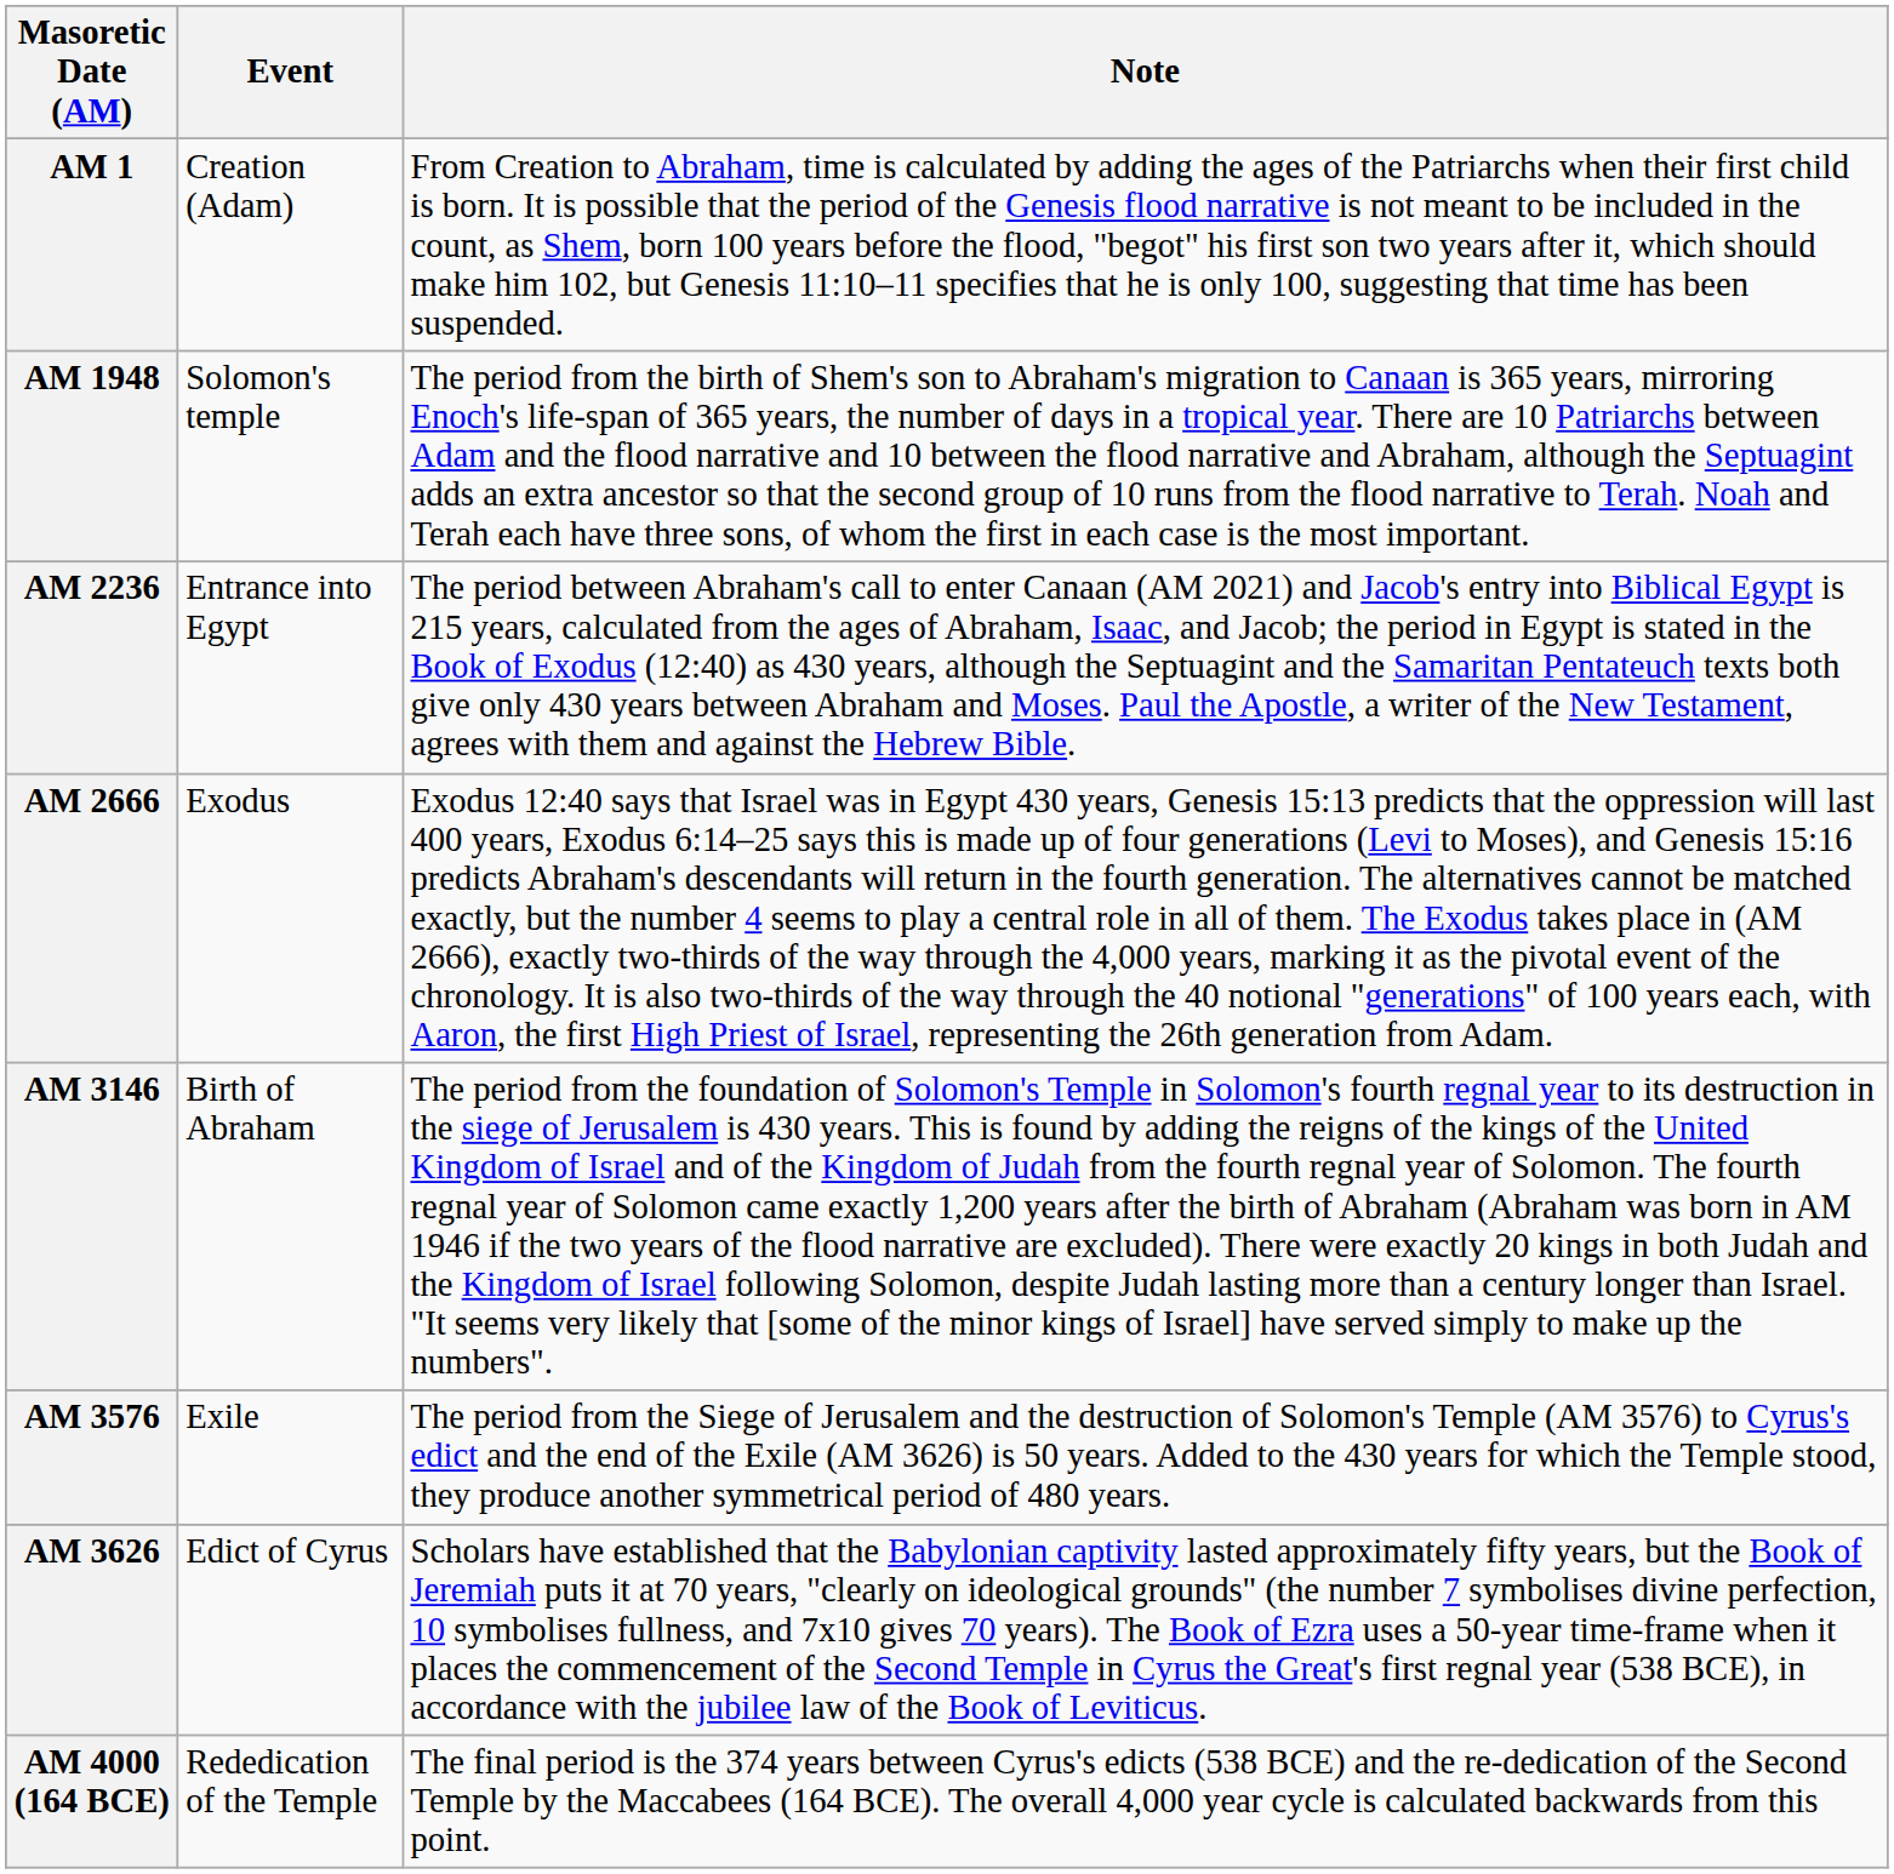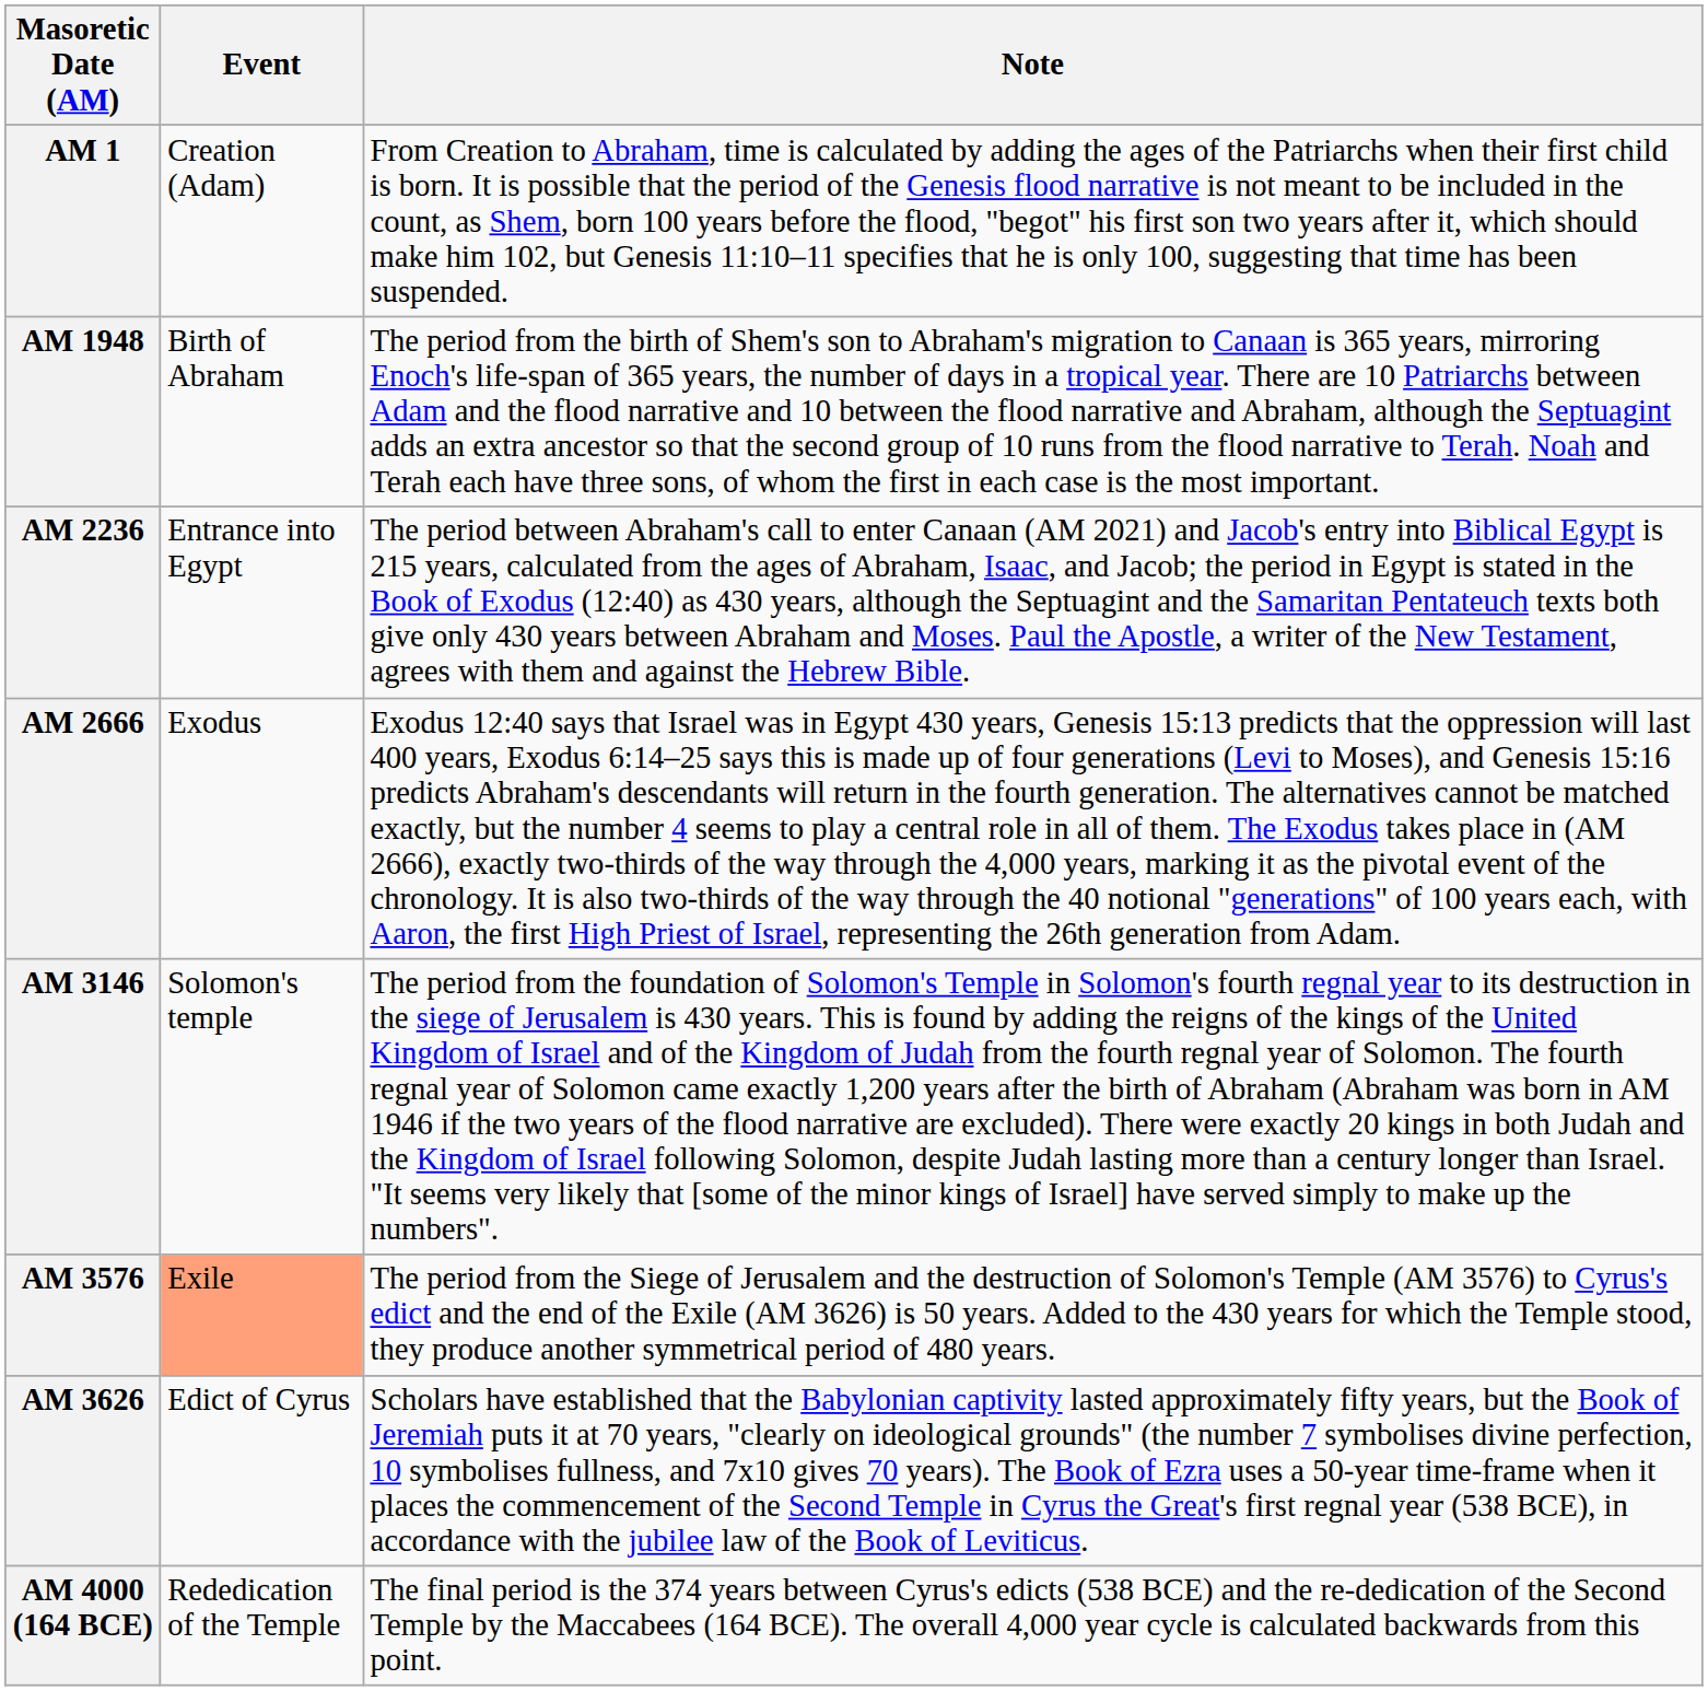 <table class="wikitable" style="align: center;">
 <tr>
 <th scope="col">Masoretic<br>Date (<a href='#'>AM</a>)</th>
 <th scope="col">Event<br></th>
 <th scope="col">Note</th>
 </tr>
 <tr style="text-align:left; vertical-align:top;">
 <th scope="row">AM 1</th>
 <td>Creation (Adam)</td>
 <td>From Creation to <a href='#'>Abraham</a>, time is calculated by adding the ages of the Patriarchs when their first child is born. It is possible that the period of the <a href='#'>Genesis flood narrative</a> is not meant to be included in the count, as <a href='#'>Shem</a>, born 100 years before the flood, "begot" his first son two years after it, which should make him 102, but Genesis 11:10–11 specifies that he is only 100, suggesting that time has been suspended.</td>
 </tr>
 <tr style="vertical-align:top;">
 <th scope="row">AM 1948</th>
-<td style="text-align:left;">Solomon's temple</td>
+<td style="text-align:left;">Birth of Abraham</td>
 <td style="text-align:left;">The period from the birth of Shem's son to Abraham's migration to <a href='#'>Canaan</a> is 365 years, mirroring <a href='#'>Enoch</a>'s life-span of 365 years, the number of days in a <a href='#'>tropical year</a>. There are 10 <a href='#'>Patriarchs</a> between <a href='#'>Adam</a> and the flood narrative and 10 between the flood narrative and Abraham, although the <a href='#'>Septuagint</a> adds an extra ancestor so that the second group of 10 runs from the flood narrative to <a href='#'>Terah</a>. <a href='#'>Noah</a> and Terah each have three sons, of whom the first in each case is the most important.</td>
 </tr>
 <tr style="vertical-align:top;">
 <th scope="row">AM 2236</th>
 <td style="text-align:left;">Entrance into Egypt</td>
 <td style="text-align:left;">The period between Abraham's call to enter Canaan (AM 2021) and <a href='#'>Jacob</a>'s entry into <a href='#'>Biblical Egypt</a> is 215 years, calculated from the ages of Abraham, <a href='#'>Isaac</a>, and Jacob; the period in Egypt is stated in the <a href='#'>Book of Exodus</a> (12:40) as 430 years, although the Septuagint and the <a href='#'>Samaritan Pentateuch</a> texts both give only 430 years between Abraham and <a href='#'>Moses</a>. <a href='#'>Paul the Apostle</a>, a writer of the <a href='#'>New Testament</a>, agrees with them and against the <a href='#'>Hebrew Bible</a>.</td>
 </tr>
 <tr style="vertical-align:top;">
 <th scope="row">AM 2666</th>
 <td style="text-align:left;">Exodus</td>
 <td>Exodus 12:40 says that Israel was in Egypt 430 years, Genesis 15:13 predicts that the oppression will last 400 years, Exodus 6:14–25 says this is made up of four generations (<a href='#'>Levi</a> to Moses), and Genesis 15:16 predicts Abraham's descendants will return in the fourth generation. The alternatives cannot be matched exactly, but the number <a href='#'>4</a> seems to play a central role in all of them. <a href='#'>The Exodus</a> takes place in (AM 2666), exactly two-thirds of the way through the 4,000 years, marking it as the pivotal event of the chronology. It is also two-thirds of the way through the 40 notional "<a href='#'>generations</a>" of 100 years each, with <a href='#'>Aaron</a>, the first <a href='#'>High Priest of Israel</a>, representing the 26th generation from Adam.</td>
 </tr>
 <tr style="vertical-align:top;">
 <th scope="row">AM 3146</th>
-<td style="text-align:left;">Birth of Abraham</td>
+<td style="text-align:left;">Solomon's temple</td>
 <td>The period from the foundation of <a href='#'>Solomon's Temple</a> in <a href='#'>Solomon</a>'s fourth <a href='#'>regnal year</a> to its destruction in the <a href='#'>siege of Jerusalem</a> is 430 years. This is found by adding the reigns of the kings of the <a href='#'>United Kingdom of Israel</a> and of the <a href='#'>Kingdom of Judah</a> from the fourth regnal year of Solomon. The fourth regnal year of Solomon came exactly 1,200 years after the birth of Abraham (Abraham was born in AM 1946 if the two years of the flood narrative are excluded). There were exactly 20 kings in both Judah and the <a href='#'>Kingdom of Israel</a> following Solomon, despite Judah lasting more than a century longer than Israel. "It seems very likely that [some of the minor kings of Israel] have served simply to make up the numbers".</td>
 </tr>
 <tr style="vertical-align:top;">
 <th scope="row">AM 3576</th>
-<td style="text-align:left;">Exile</td>
+<td style="background: lightsalmon; text-align:left;">Exile</td>
 <td style="text-align:left;">The period from the Siege of Jerusalem and the destruction of Solomon's Temple (AM 3576) to <a href='#'>Cyrus's edict</a> and the end of the Exile (AM 3626) is 50 years. Added to the 430 years for which the Temple stood, they produce another symmetrical period of 480 years.</td>
 </tr>
 <tr style="vertical-align:top;">
 <th scope="row">AM 3626</th>
 <td style="text-align:left;">Edict of Cyrus</td>
 <td style="text-align:left;">Scholars have established that the <a href='#'>Babylonian captivity</a> lasted approximately fifty years, but the <a href='#'>Book of Jeremiah</a> puts it at 70 years, "clearly on ideological grounds" (the number <a href='#'>7</a> symbolises divine perfection, <a href='#'>10</a> symbolises fullness, and 7x10 gives <a href='#'>70</a> years). The <a href='#'>Book of Ezra</a> uses a 50-year time-frame when it places the commencement of the <a href='#'>Second Temple</a> in <a href='#'>Cyrus the Great</a>'s first regnal year (538 BCE), in accordance with the <a href='#'>jubilee</a> law of the <a href='#'>Book of Leviticus</a>.</td>
 </tr>
 <tr style="vertical-align:top;">
 <th scope="row">AM 4000<br>(164 BCE)</th>
 <td style="text-align:left;">Rededication of the Temple</td>
 <td style="text-align:left;">The final period is the 374 years between Cyrus's edicts (538 BCE) and the re-dedication of the Second Temple by the Maccabees (164 BCE). The overall 4,000 year cycle is calculated backwards from this point.</td>
 </tr>
 </table>
